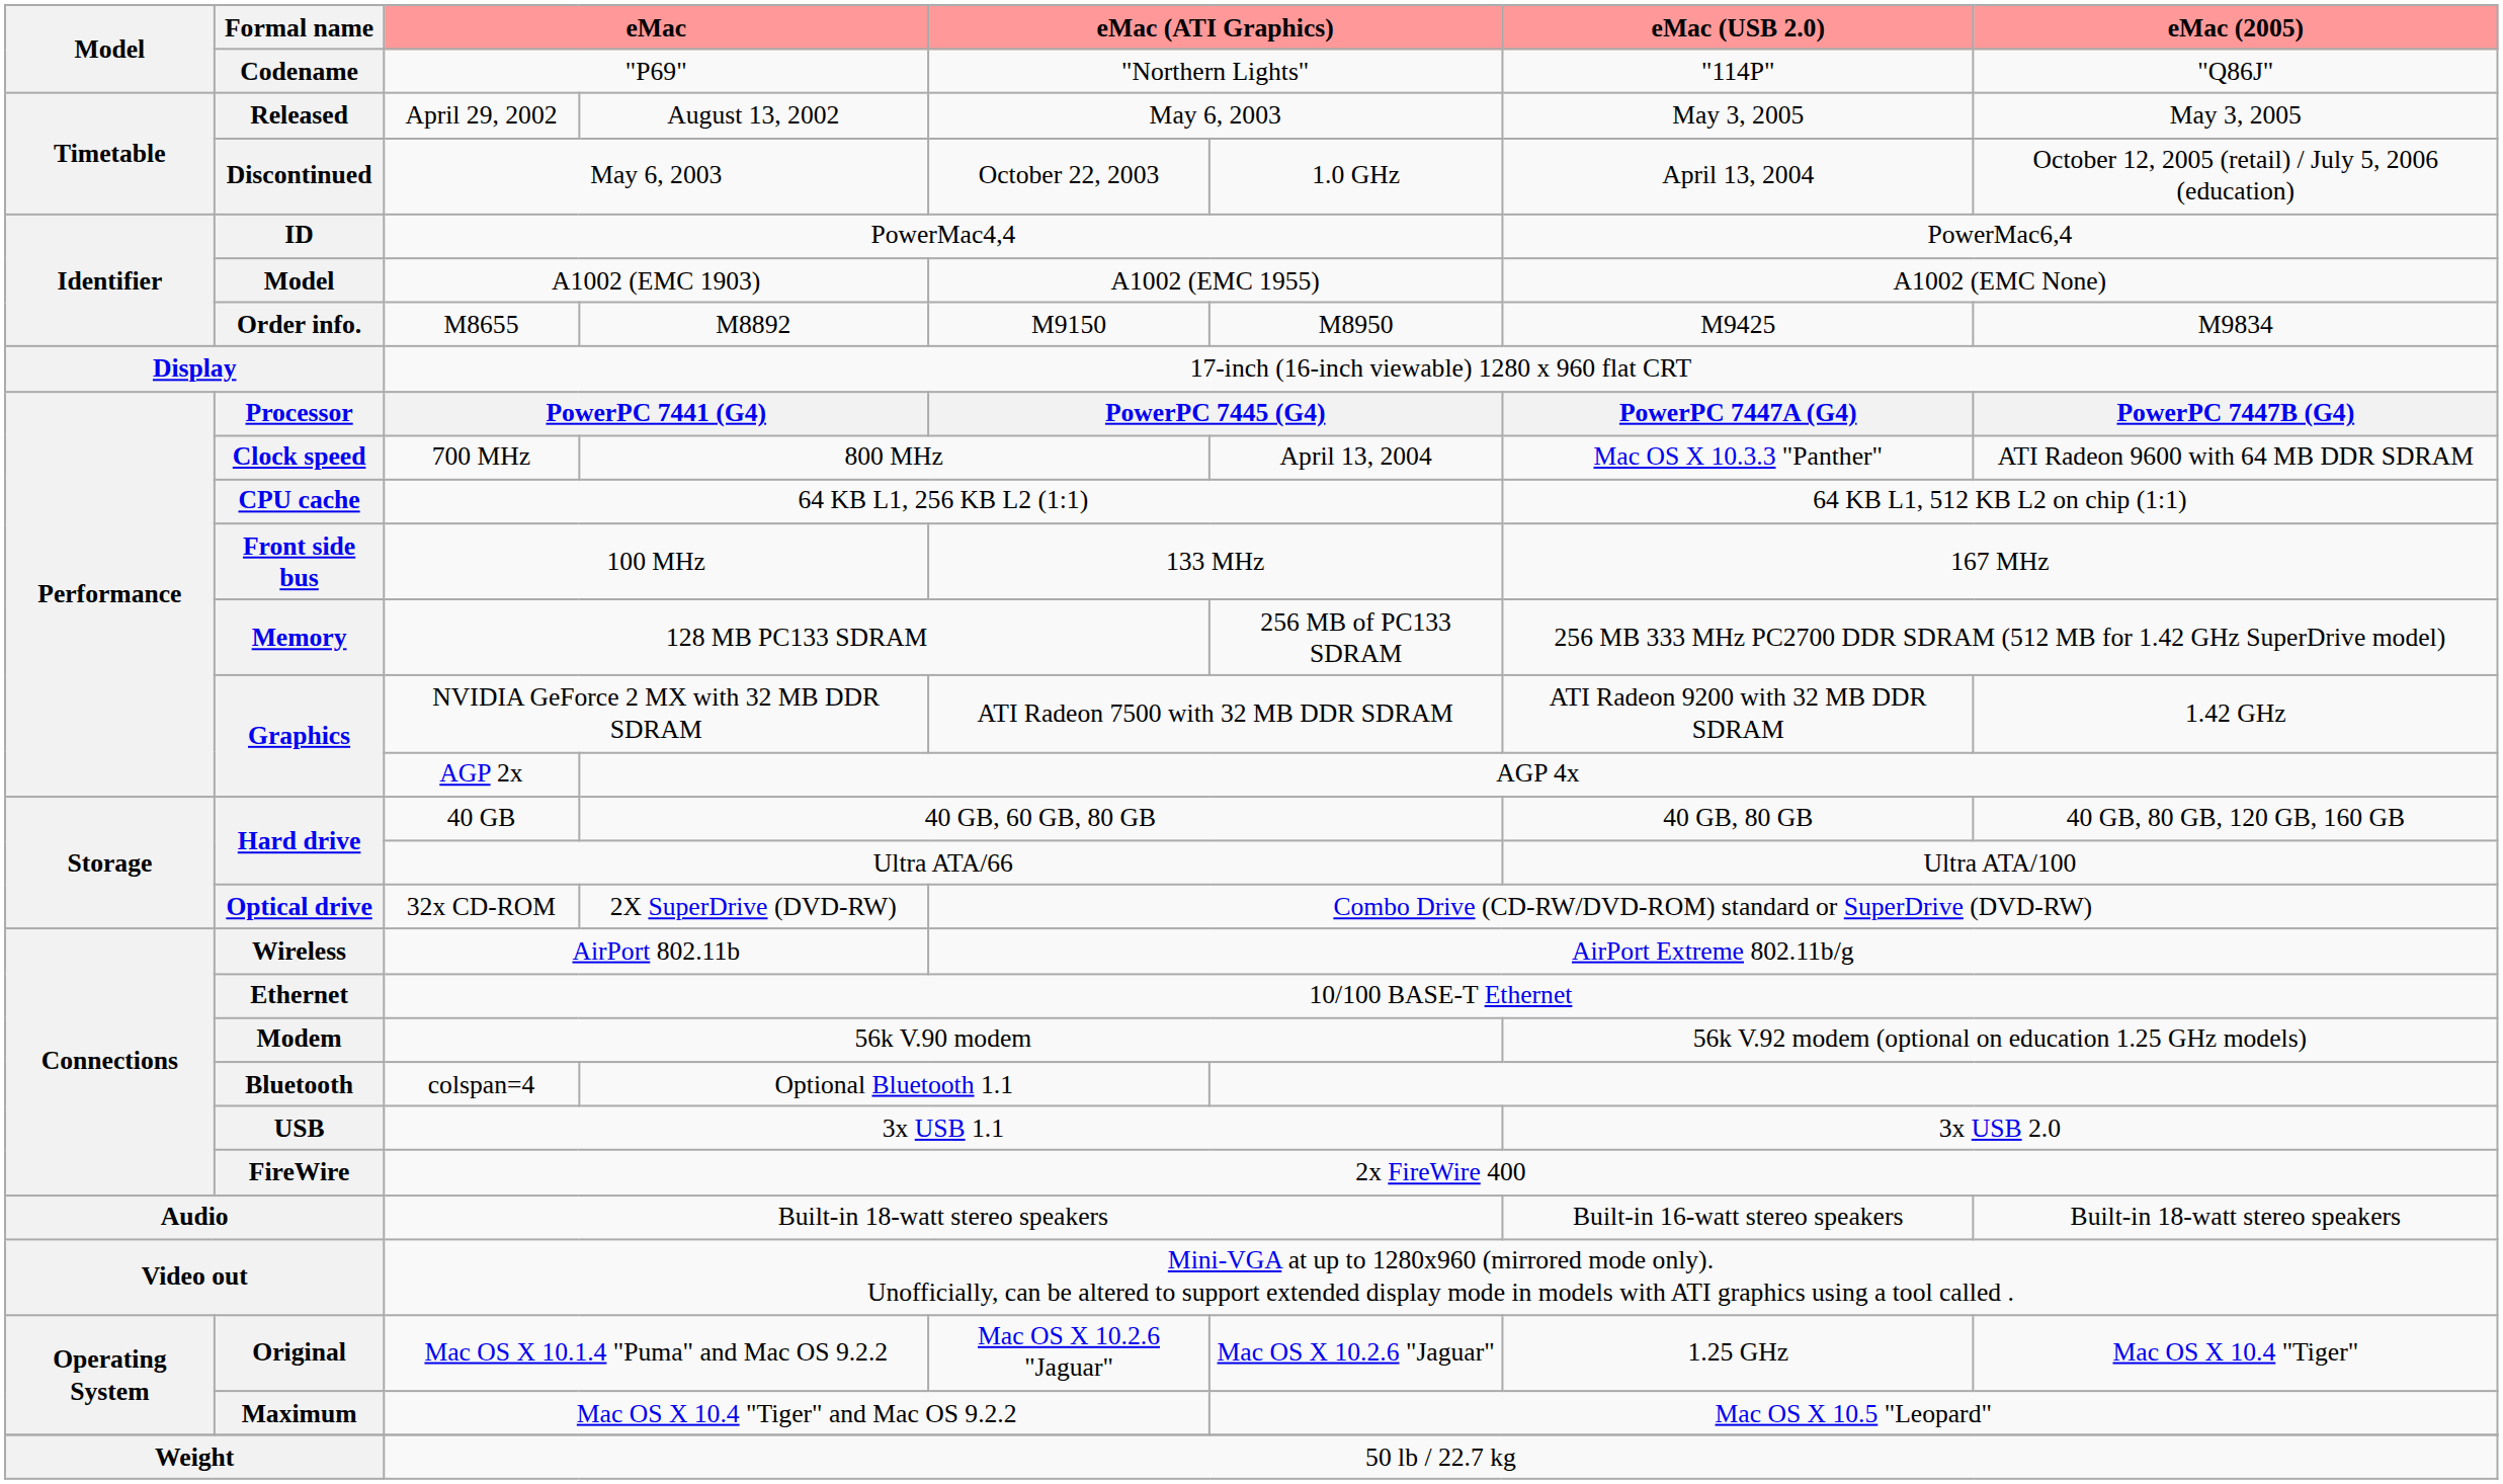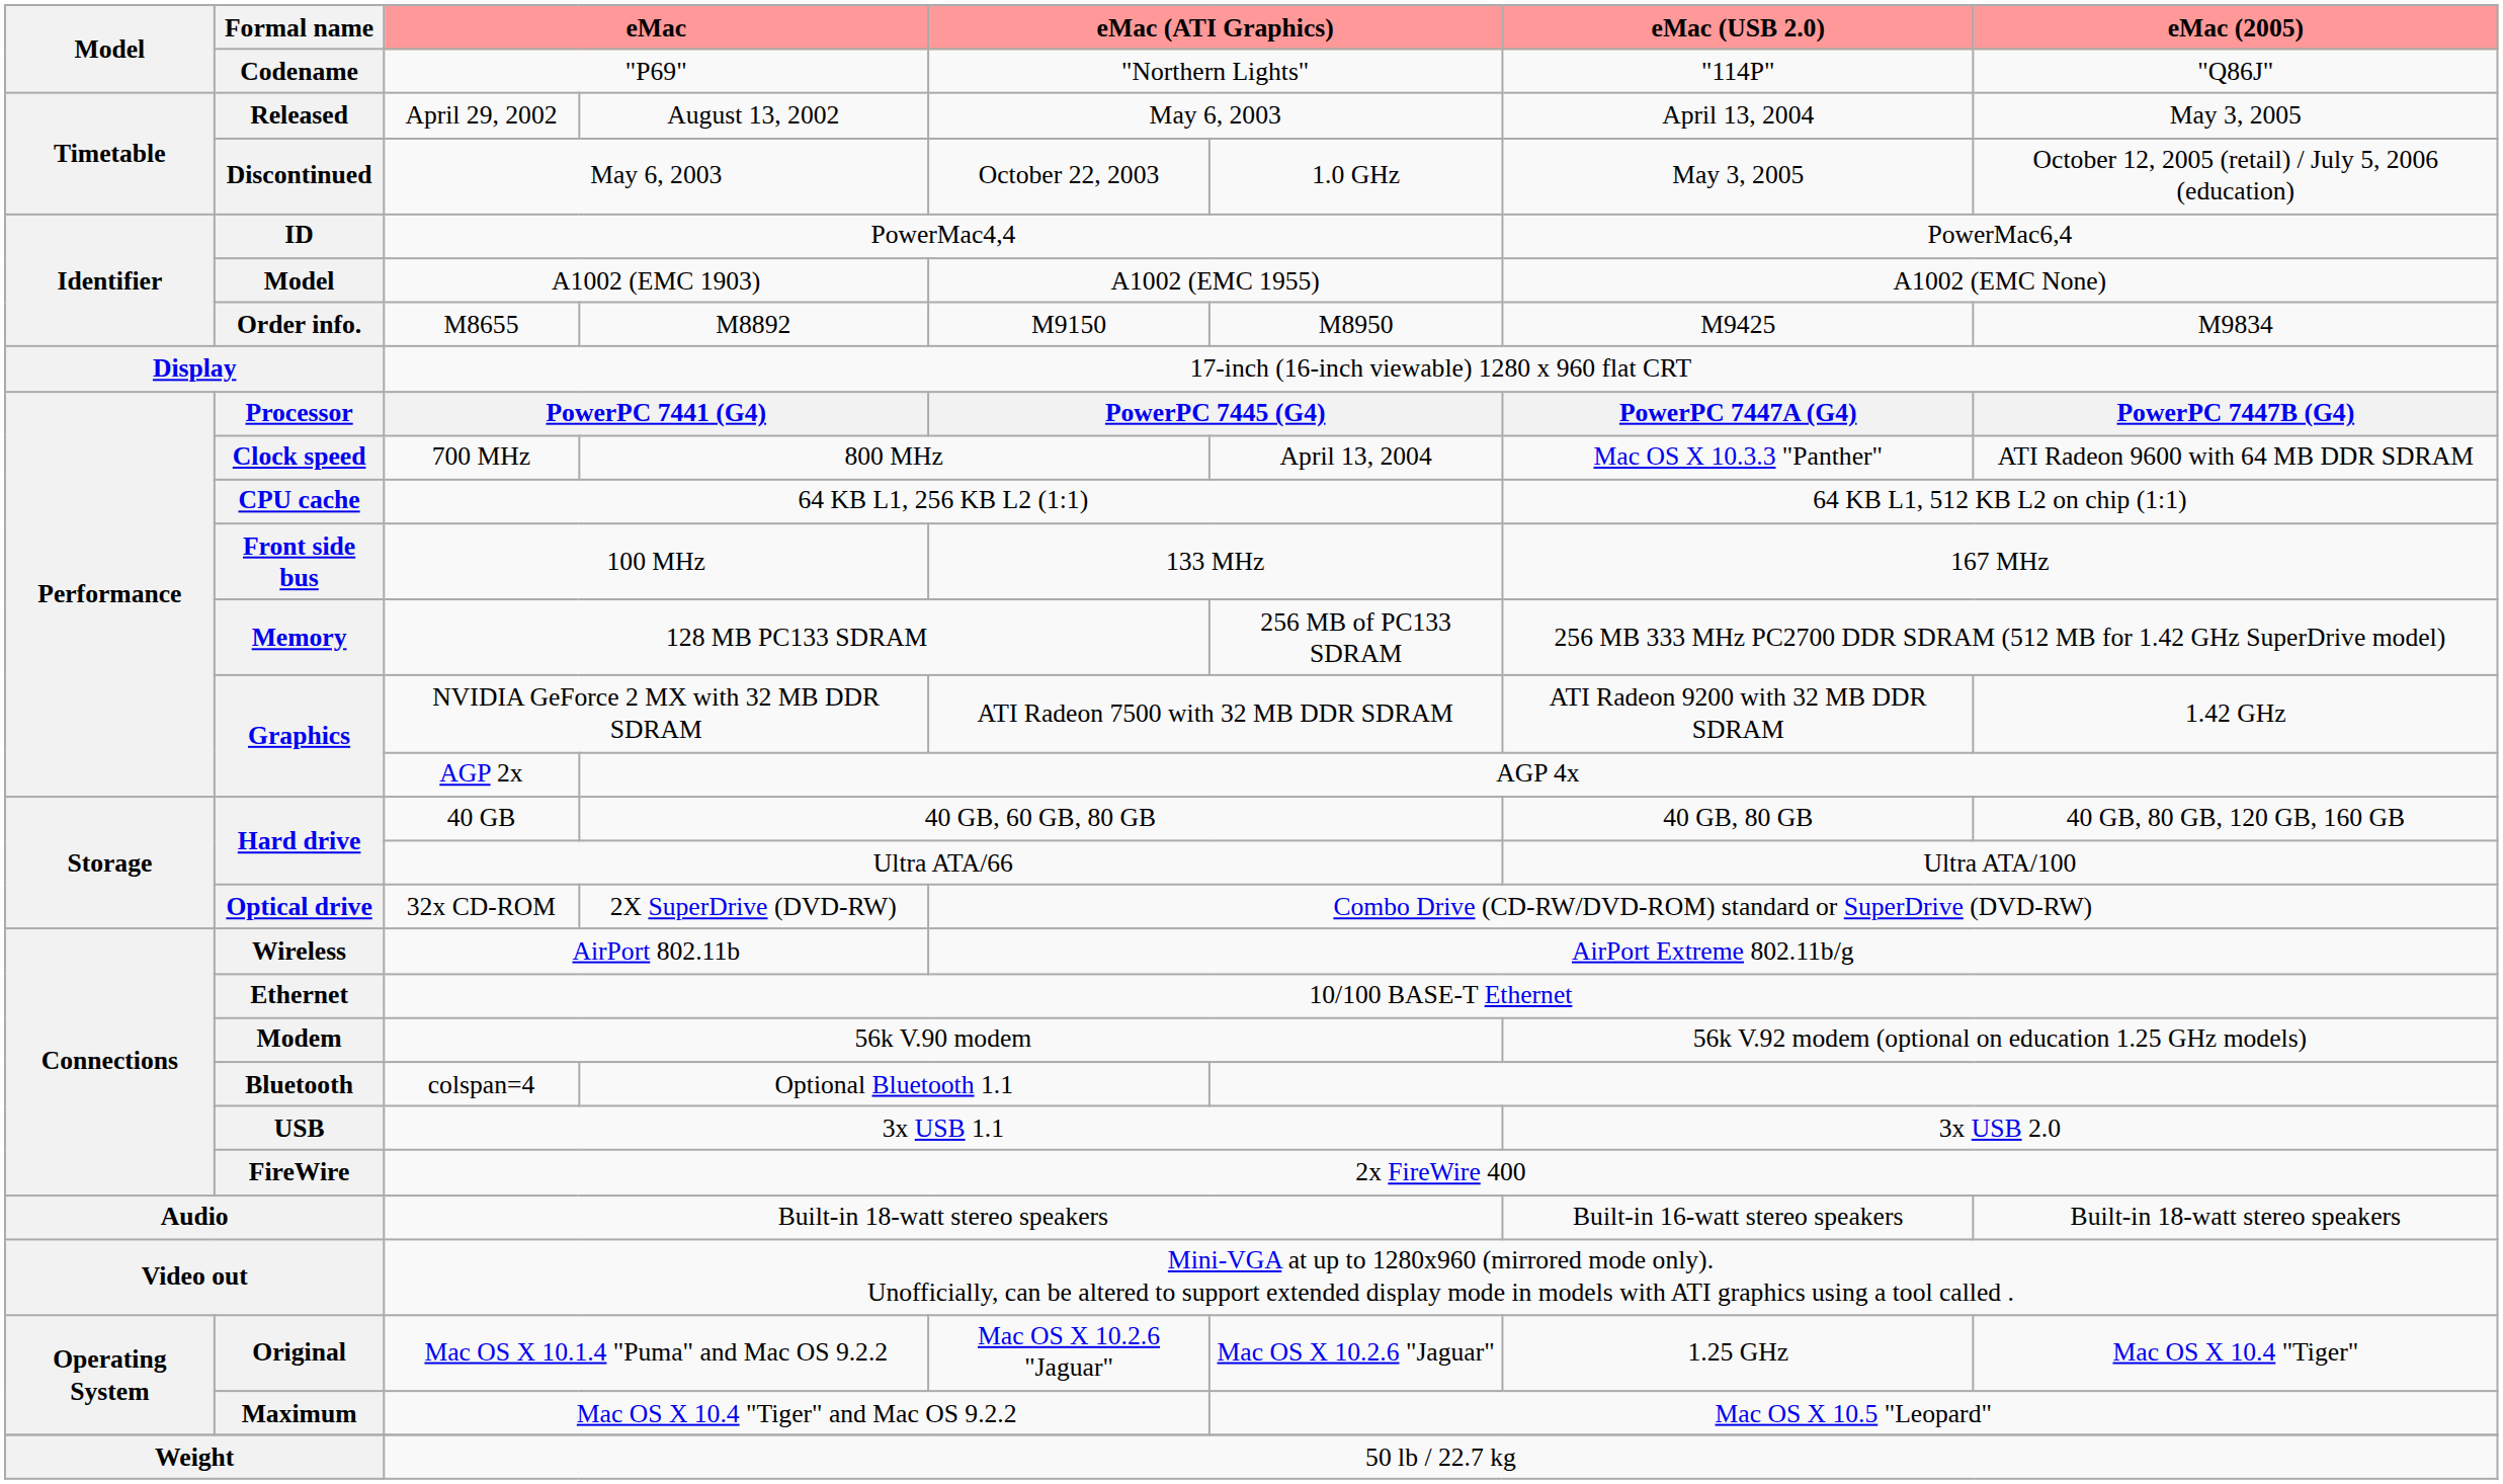 <table class="wikitable mw-collapsible" style="font-size:small; text-align:center">
 <tr>
 <th rowspan=2>Model</th>
 <th>Formal name</th>
 <th colspan=2 style="background:#FF9999">eMac</th>
 <th colspan=2 style="background:#FF9999">eMac (ATI Graphics)</th>
 <th style="background:#FF9999">eMac (USB 2.0)</th>
 <th style="background:#FF9999">eMac (2005)</th>
 </tr>
 <tr>
 <th>Codename</th>
 <td colspan=2>"P69"</td>
 <td colspan=2>"Northern Lights"</td>
 <td>"114P"</td>
 <td>"Q86J"</td>
 </tr>
 <tr>
 <th rowspan=2>Timetable</th>
 <th>Released</th>
 <td>April 29, 2002</td>
 <td>August 13, 2002</td>
 <td colspan=2>May 6, 2003</td>
-<td>May 3, 2005</td>
+<td>April 13, 2004</td>
 <td>May 3, 2005</td>
 </tr>
 <tr>
 <th>Discontinued</th>
 <td colspan=2>May 6, 2003</td>
 <td>October 22, 2003</td>
 <td>1.0 GHz</td>
-<td>April 13, 2004</td>
+<td>May 3, 2005</td>
 <td>October 12, 2005 (retail) / July 5, 2006 (education)</td>
 </tr>
 <tr>
 <th rowspan=3>Identifier</th>
 <th>ID</th>
 <td colspan=4>PowerMac4,4</td>
 <td colspan=2>PowerMac6,4</td>
 </tr>
 <tr>
 <th>Model</th>
 <td colspan=2>A1002 (EMC 1903)</td>
 <td colspan=2>A1002 (EMC 1955)</td>
 <td colspan=2>A1002 (EMC None)</td>
 </tr>
 <tr>
 <th>Order info.</th>
 <td>M8655</td>
 <td>M8892</td>
 <td>M9150</td>
 <td>M8950</td>
 <td>M9425</td>
 <td>M9834</td>
 </tr>
 <tr>
 <th colspan=2><a href='#'>Display</a></th>
 <td colspan=6>17-inch (16-inch viewable) 1280 x 960 flat CRT</td>
 </tr>
 <tr>
 <th rowspan=7>Performance</th>
 <th><a href='#'>Processor</a></th>
 <th colspan=2><a href='#'>PowerPC 7441 (G4)</a></th>
 <th colspan=2><a href='#'>PowerPC 7445 (G4)</a></th>
 <th><a href='#'>PowerPC 7447A (G4)</a></th>
 <th><a href='#'>PowerPC 7447B (G4)</a></th>
 </tr>
 <tr>
 <th><a href='#'>Clock speed</a></th>
 <td>700 MHz</td>
 <td colspan=2>800 MHz</td>
 <td>April 13, 2004</td>
 <td><a href='#'>Mac OS X 10.3.3</a> "Panther"</td>
 <td>ATI Radeon 9600 with 64 MB DDR SDRAM<br></td>
 </tr>
 <tr>
 <th><a href='#'>CPU cache</a></th>
 <td colspan=4>64 KB L1, 256 KB L2 (1:1)</td>
 <td colspan=2>64 KB L1, 512 KB L2 on chip (1:1)</td>
 </tr>
 <tr>
 <th><a href='#'>Front side bus</a></th>
 <td colspan=2>100 MHz</td>
 <td colspan=2>133 MHz</td>
 <td colspan=2>167 MHz</td>
 </tr>
 <tr>
 <th><a href='#'>Memory</a></th>
 <td colspan=3>128 MB PC133 SDRAM<br></td>
 <td>256 MB of PC133 SDRAM<br></td>
 <td colspan=2>256 MB 333 MHz PC2700 DDR SDRAM (512 MB for 1.42 GHz SuperDrive model)<br></td>
 </tr>
 <tr>
 <th rowspan=2><a href='#'>Graphics</a></th>
 <td colspan=2>NVIDIA GeForce 2 MX with 32 MB DDR SDRAM</td>
 <td colspan=2>ATI Radeon 7500 with 32 MB DDR SDRAM</td>
 <td>ATI Radeon 9200 with 32 MB DDR SDRAM</td>
 <td>1.42 GHz<br></td>
 </tr>
 <tr>
 <td><a href='#'>AGP</a> 2x</td>
 <td colspan=5>AGP 4x</td>
 </tr>
 <tr>
 <th rowspan=3>Storage</th>
 <th rowspan=2><a href='#'>Hard drive</a></th>
 <td>40 GB</td>
 <td colspan=3>40 GB, 60 GB, 80 GB</td>
 <td>40 GB, 80 GB</td>
 <td>40 GB, 80 GB, 120 GB, 160 GB</td>
 </tr>
 <tr>
 <td colspan=4>Ultra ATA/66</td>
 <td colspan=2>Ultra ATA/100</td>
 </tr>
 <tr>
 <th><a href='#'>Optical drive</a></th>
 <td>32x CD-ROM</td>
 <td>2X <a href='#'>SuperDrive</a> (DVD-RW)</td>
 <td colspan=4><a href='#'>Combo Drive</a> (CD-RW/DVD-ROM) standard or <a href='#'>SuperDrive</a> (DVD-RW)<br></td>
 </tr>
 <tr>
 <th rowspan=6>Connections</th>
 <th>Wireless</th>
 <td colspan=2><a href='#'>AirPort</a> 802.11b</td>
 <td colspan=4><a href='#'>AirPort Extreme</a> 802.11b/g</td>
 </tr>
 <tr>
 <th>Ethernet</th>
 <td colspan=6>10/100 BASE-T <a href='#'>Ethernet</a></td>
 </tr>
 <tr>
 <th>Modem</th>
 <td colspan=4>56k V.90 modem</td>
 <td colspan=2>56k V.92 modem (optional on education 1.25 GHz models)</td>
 </tr>
 <tr>
 <th>Bluetooth</th>
 <td>colspan=4 </td>
 <td colspan=2>Optional <a href='#'>Bluetooth</a> 1.1</td>
 </tr>
 <tr>
 <th>USB</th>
 <td colspan=4>3x <a href='#'>USB</a> 1.1</td>
 <td colspan=2>3x <a href='#'>USB</a> 2.0</td>
 </tr>
 <tr>
 <th>FireWire</th>
 <td colspan=6>2x <a href='#'>FireWire</a> 400</td>
 </tr>
 <tr>
 <th colspan=2>Audio</th>
 <td colspan=4>Built-in 18-watt stereo speakers</td>
 <td>Built-in 16-watt stereo speakers</td>
 <td>Built-in 18-watt stereo speakers</td>
 </tr>
 <tr>
 <th colspan=2>Video out</th>
 <td colspan=6><a href='#'>Mini-VGA</a> at up to 1280x960 (mirrored mode only).<br>Unofficially, can be altered to support extended display mode in models with ATI graphics using a tool called .</td>
 </tr>
 <tr>
 <th rowspan=2>Operating System</th>
 <th>Original</th>
 <td colspan=2><a href='#'>Mac OS X 10.1.4</a> "Puma" and Mac OS 9.2.2</td>
 <td><a href='#'>Mac OS X 10.2.6</a> "Jaguar"<br></td>
 <td><a href='#'>Mac OS X 10.2.6</a> "Jaguar"</td>
 <td>1.25 GHz<br></td>
 <td><a href='#'>Mac OS X 10.4</a> "Tiger"</td>
 </tr>
 <tr>
 <th>Maximum</th>
 <td colspan=3><a href='#'>Mac OS X 10.4</a> "Tiger" and Mac OS 9.2.2</td>
 <td colspan=3><a href='#'>Mac OS X 10.5</a> "Leopard"</td>
 </tr>
 <tr>
 </tr>
 <tr>
 <th colspan=2>Weight</th>
 <td colspan=6>50 lb / 22.7 kg</td>
 </tr>
 </table>
